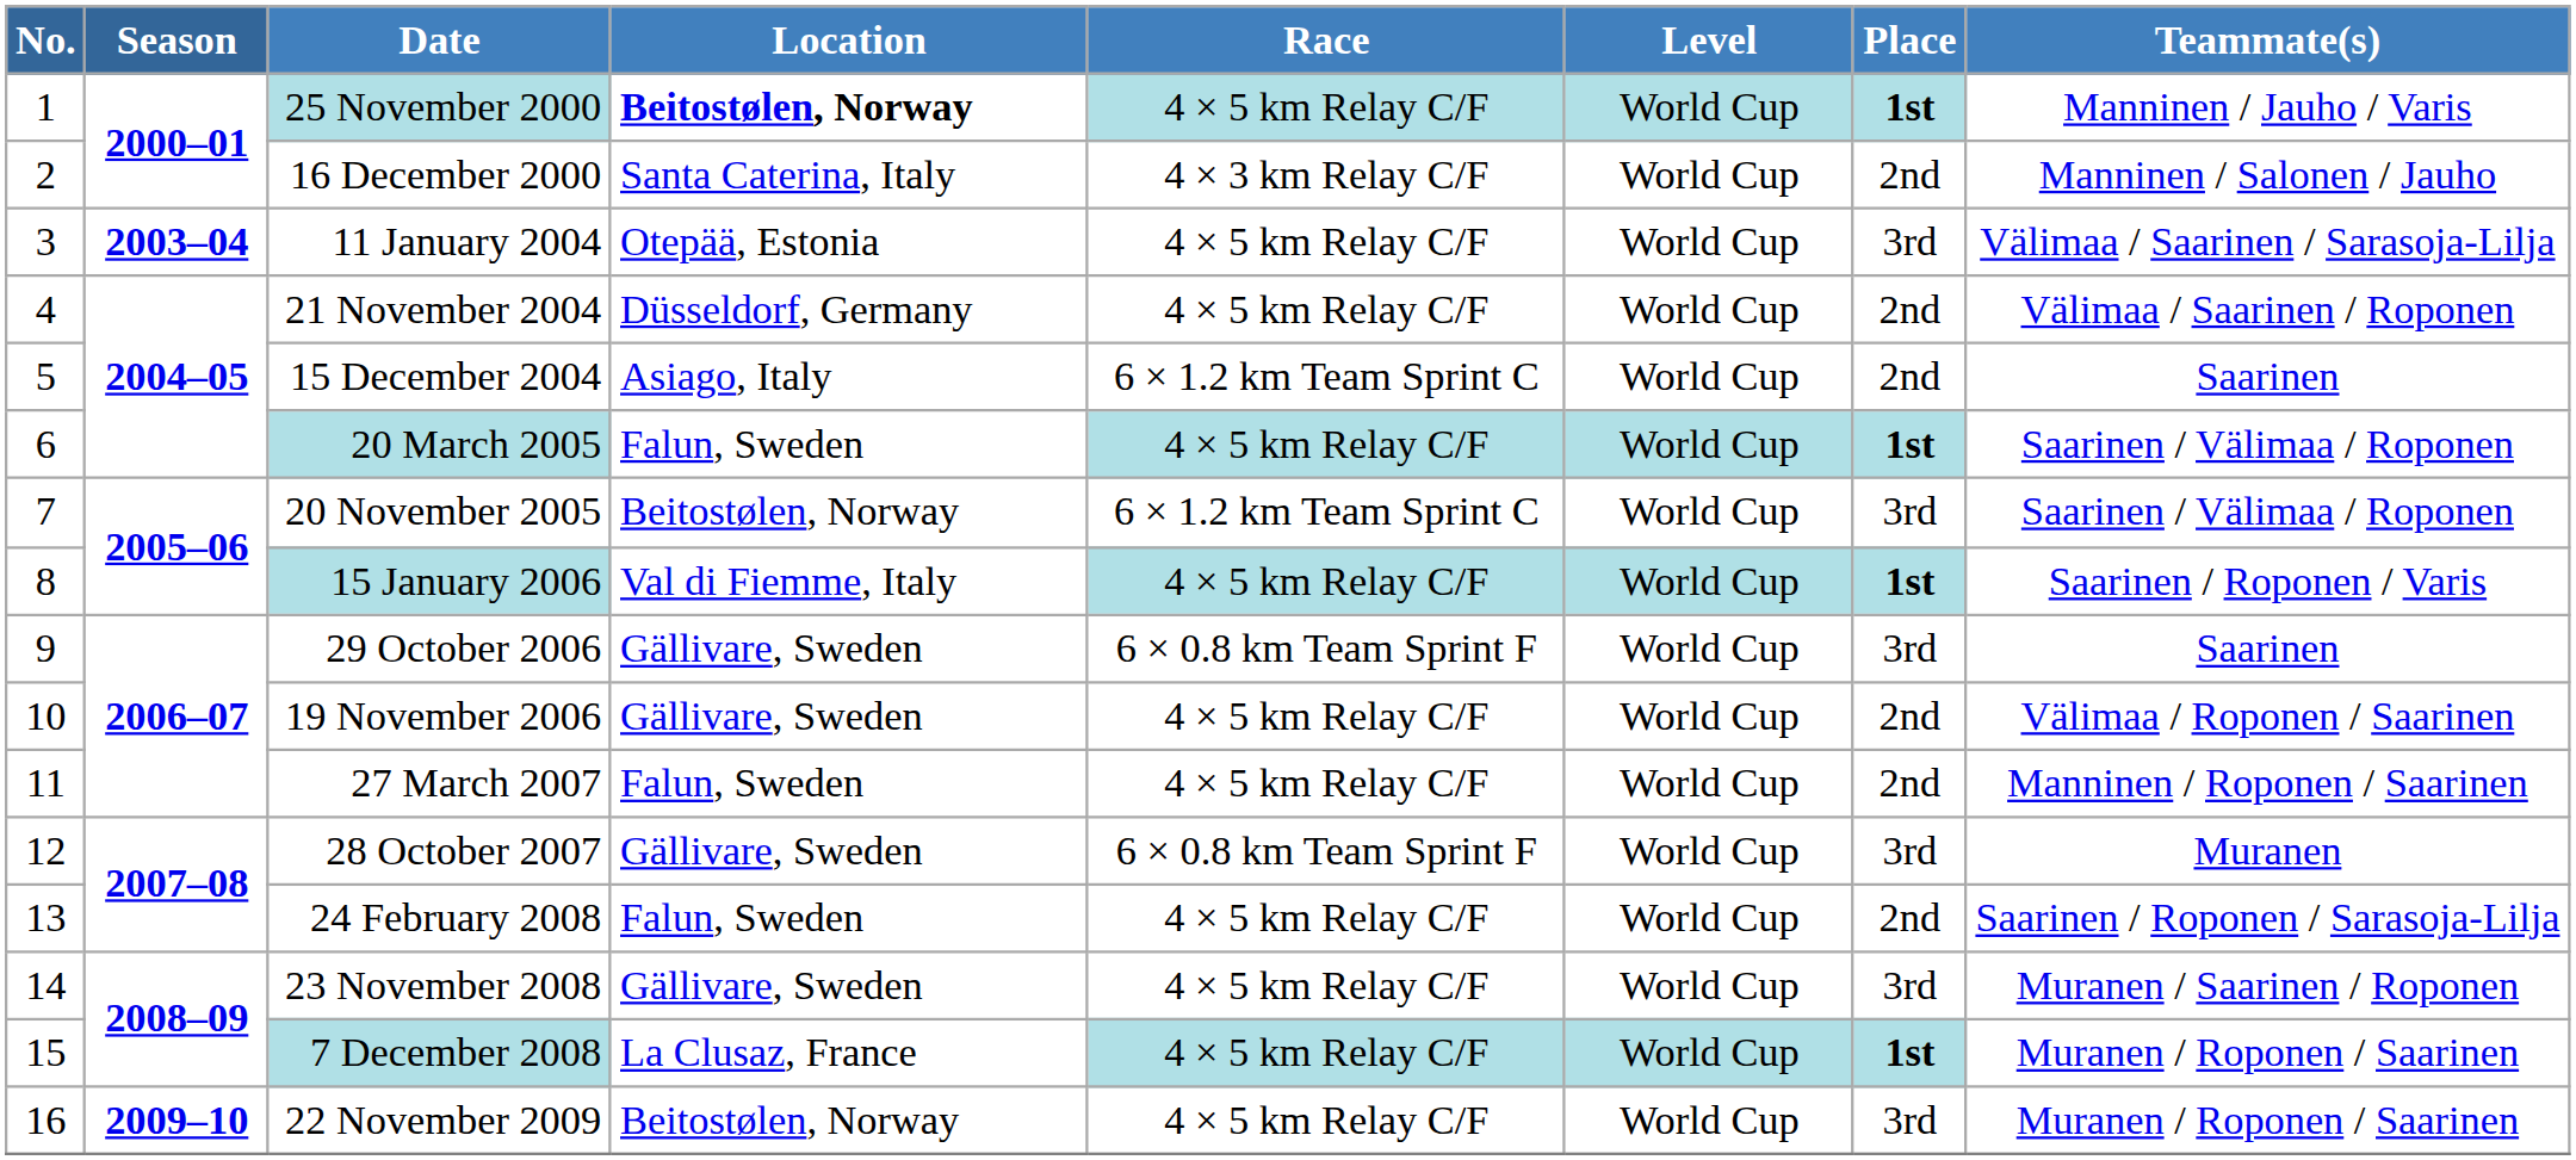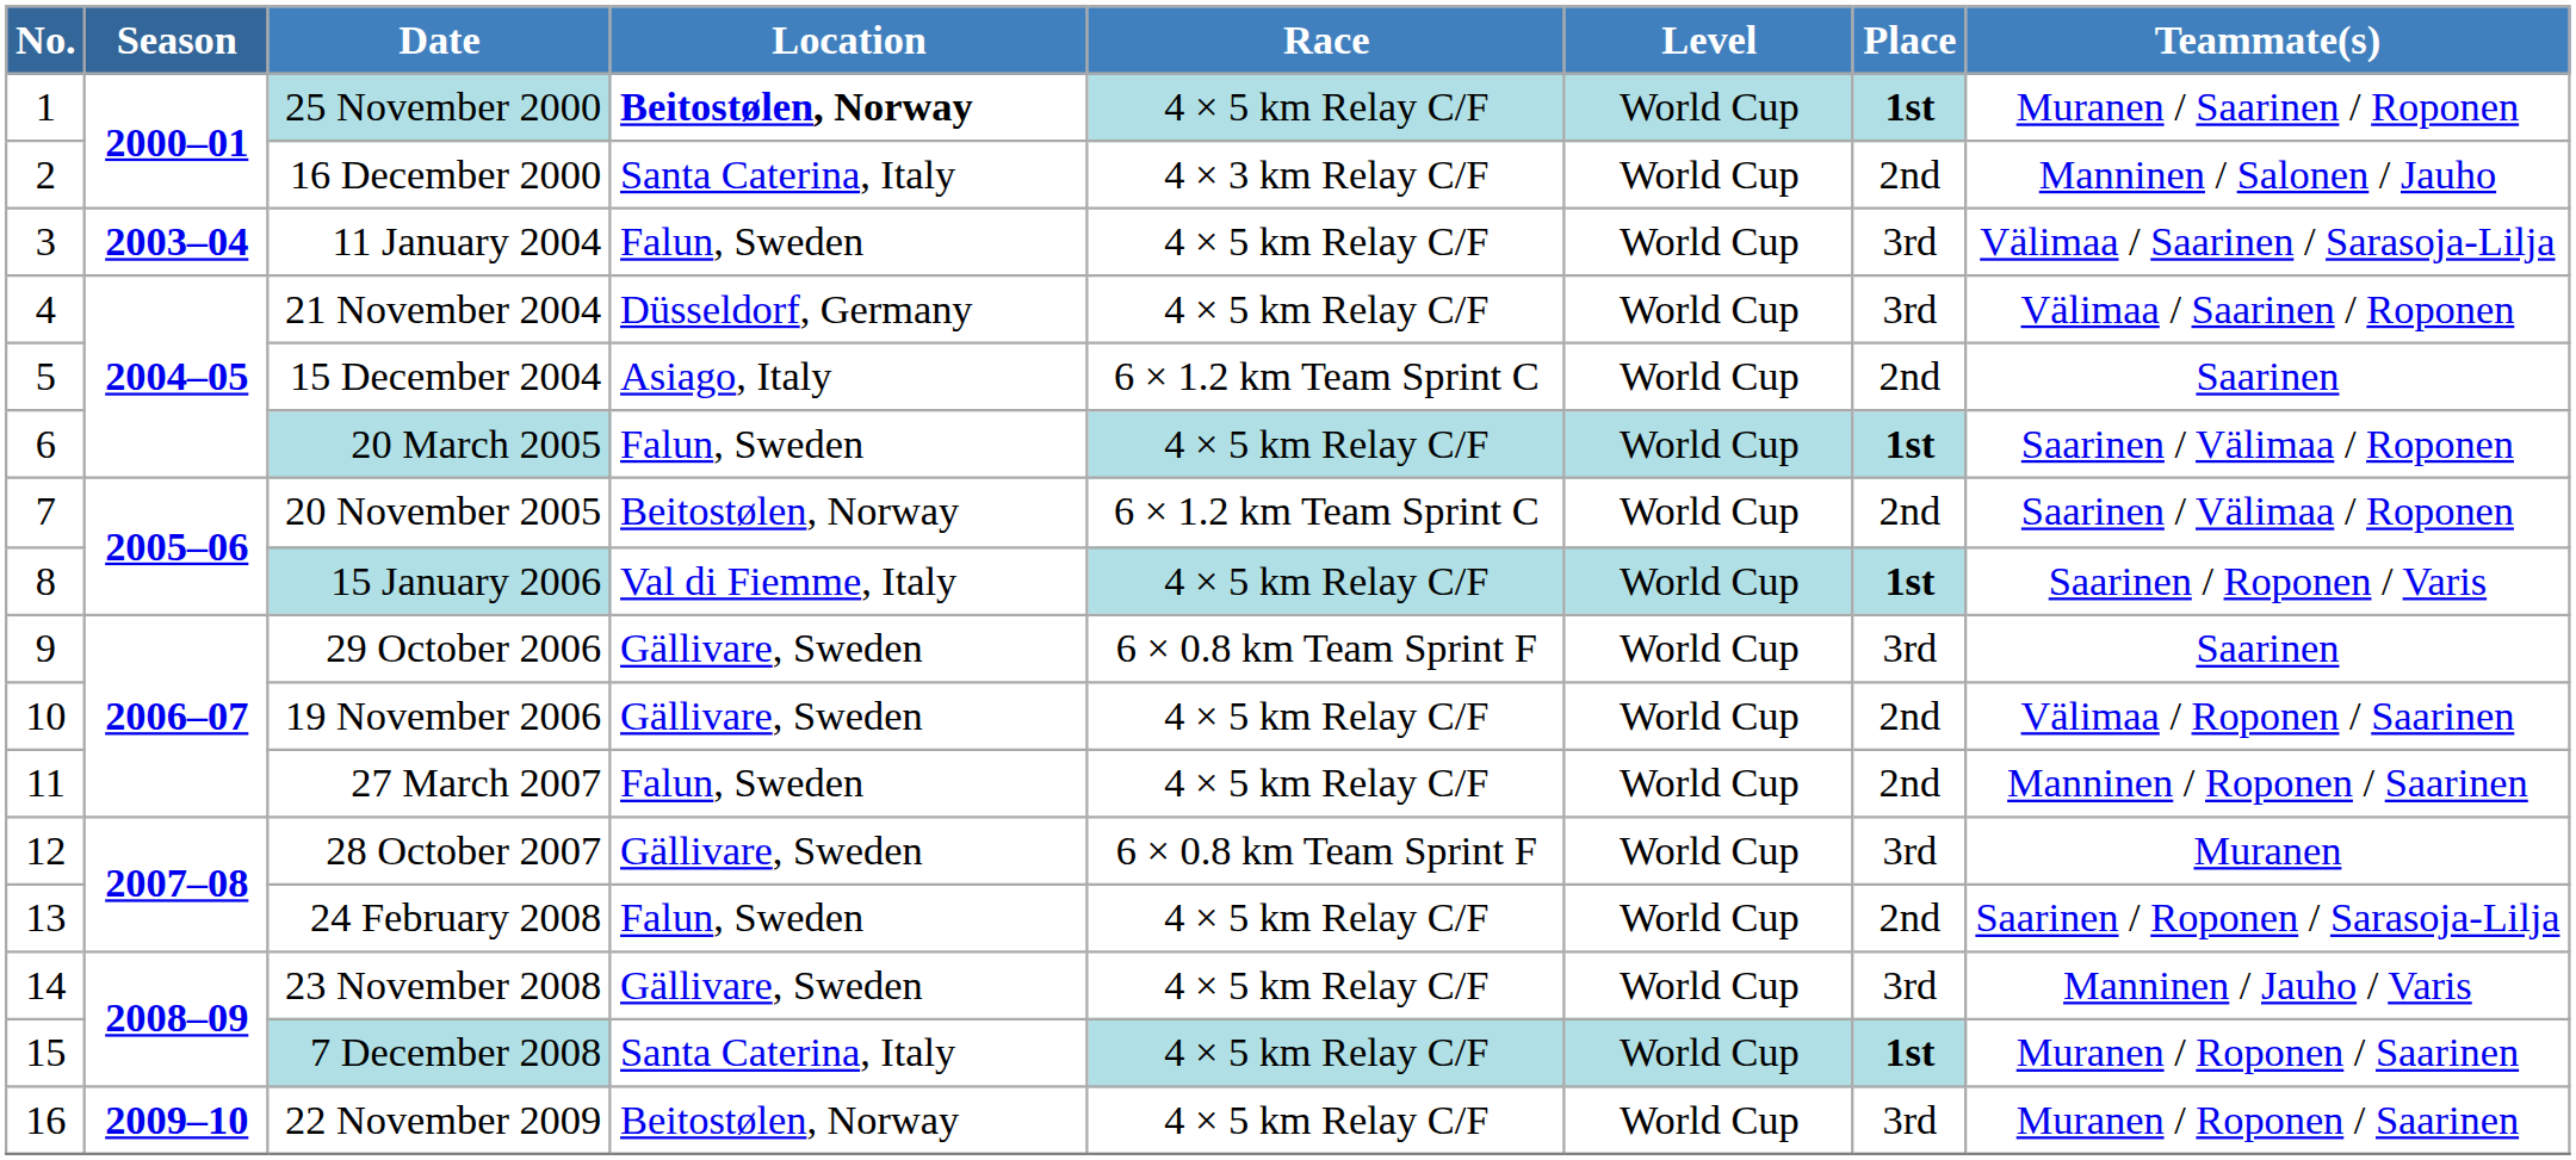 <table class="wikitable sortable" style="font-size:95%; text-align:center; border:grey solid 1px; border-collapse:collapse; background:#ffffff;">
 <tr style="background:#efefef;">
 <th style="background-color:#369; color:white;">No.</th>
 <th style="background-color:#369; color:white;">Season</th>
 <th style="background-color:#4180be; color:white; width:120px;">Date</th>
 <th style="background-color:#4180be; color:white; width:170px;">Location</th>
 <th style="background-color:#4180be; color:white; width:170px;">Race</th>
 <th style="background-color:#4180be; color:white; width:100px;">Level</th>
 <th style="background-color:#4180be; color:white;">Place</th>
 <th style="background-color:#4180be; color:white;">Teammate(s)</th>
 </tr>
 <tr>
 <td align=center>1</td>
 <td rowspan=2 align=center><strong><a href='#'>2000–01</a></strong></td>
 <td bgcolor="#BOEOE6" align=right>25 November 2000</td>
 <td align=left><strong> <a href='#'>Beitostølen</a>, Norway</strong></td>
 <td bgcolor="#BOEOE6">4 × 5 km Relay C/F</td>
 <td bgcolor="#BOEOE6">World Cup</td>
 <td bgcolor="#BOEOE6"><strong>1st</strong></td>
-<td><a href='#'>Manninen</a> / <a href='#'>Jauho</a> / <a href='#'>Varis</a></td>
+<td><a href='#'>Muranen</a> / <a href='#'>Saarinen</a> / <a href='#'>Roponen</a></td>
 </tr>
 <tr>
 <td align=center>2</td>
 <td align=right>16 December 2000</td>
 <td align=left>  <a href='#'>Santa Caterina</a>, Italy</td>
 <td>4 × 3 km Relay C/F</td>
 <td>World Cup</td>
 <td>2nd</td>
 <td><a href='#'>Manninen</a> / <a href='#'>Salonen</a> / <a href='#'>Jauho</a></td>
 </tr>
 <tr>
 <td align=center>3</td>
 <td rowspan=1 align=center><strong> <a href='#'>2003–04</a> </strong></td>
 <td align=right>11 January 2004</td>
-<td align=left> <a href='#'>Otepää</a>, Estonia</td>
+<td align=left> <a href='#'>Falun</a>, Sweden</td>
 <td>4 × 5 km Relay C/F</td>
 <td>World Cup</td>
 <td>3rd</td>
 <td><a href='#'>Välimaa</a> / <a href='#'>Saarinen</a> / <a href='#'>Sarasoja-Lilja</a></td>
 </tr>
 <tr>
 <td align=center>4</td>
 <td rowspan=3 align=center><strong> <a href='#'>2004–05</a> </strong></td>
 <td align=right>21 November 2004</td>
 <td align=left> <a href='#'>Düsseldorf</a>, Germany</td>
 <td>4 × 5 km Relay C/F</td>
 <td>World Cup</td>
-<td>2nd</td>
+<td>3rd</td>
 <td><a href='#'>Välimaa</a> / <a href='#'>Saarinen</a> / <a href='#'>Roponen</a></td>
 </tr>
 <tr>
 <td align=center>5</td>
 <td align=right>15 December 2004</td>
 <td align=left>  <a href='#'>Asiago</a>, Italy</td>
 <td>6 × 1.2 km Team Sprint C</td>
 <td>World Cup</td>
 <td>2nd</td>
 <td><a href='#'>Saarinen</a></td>
 </tr>
 <tr>
 <td align=center>6</td>
 <td bgcolor="#BOEOE6" align=right>20 March 2005</td>
 <td align=left> <a href='#'>Falun</a>, Sweden</td>
 <td bgcolor="#BOEOE6">4 × 5 km Relay C/F</td>
 <td bgcolor="#BOEOE6">World Cup</td>
 <td bgcolor="#BOEOE6"><strong>1st</strong></td>
 <td><a href='#'>Saarinen</a> / <a href='#'>Välimaa</a> / <a href='#'>Roponen</a></td>
 </tr>
 <tr>
 <td align=center>7</td>
 <td rowspan=2 align=center><strong> <a href='#'>2005–06</a> </strong></td>
 <td align=right>20 November 2005</td>
 <td align=left> <a href='#'>Beitostølen</a>, Norway</td>
 <td>6 × 1.2 km Team Sprint C</td>
 <td>World Cup</td>
-<td>3rd</td>
+<td>2nd</td>
 <td><a href='#'>Saarinen</a> / <a href='#'>Välimaa</a> / <a href='#'>Roponen</a></td>
 </tr>
 <tr>
 <td align=center>8</td>
 <td bgcolor="#BOEOE6" align=right>15 January 2006</td>
 <td align=left> <a href='#'>Val di Fiemme</a>, Italy</td>
 <td bgcolor="#BOEOE6">4 × 5 km Relay C/F</td>
 <td bgcolor="#BOEOE6">World Cup</td>
 <td bgcolor="#BOEOE6"><strong>1st</strong></td>
 <td><a href='#'>Saarinen</a> / <a href='#'>Roponen</a> / <a href='#'>Varis</a></td>
 </tr>
 <tr>
 <td align=center>9</td>
 <td rowspan=3 align=center><strong> <a href='#'>2006–07</a> </strong></td>
 <td align=right>29 October 2006</td>
 <td align=left> <a href='#'>Gällivare</a>, Sweden</td>
 <td>6 × 0.8 km Team Sprint F</td>
 <td>World Cup</td>
 <td>3rd</td>
 <td><a href='#'>Saarinen</a></td>
 </tr>
 <tr>
 <td align=center>10</td>
 <td align=right>19 November 2006</td>
 <td align=left>  <a href='#'>Gällivare</a>, Sweden</td>
 <td>4 × 5 km Relay C/F</td>
 <td>World Cup</td>
 <td>2nd</td>
 <td><a href='#'>Välimaa</a> / <a href='#'>Roponen</a> / <a href='#'>Saarinen</a></td>
 </tr>
 <tr>
 <td align=center>11</td>
 <td align=right>27 March 2007</td>
 <td align=left>  <a href='#'>Falun</a>, Sweden</td>
 <td>4 × 5 km Relay C/F</td>
 <td>World Cup</td>
 <td>2nd</td>
 <td><a href='#'>Manninen</a> / <a href='#'>Roponen</a> /  <a href='#'>Saarinen</a></td>
 </tr>
 <tr>
 <td align=center>12</td>
 <td rowspan=2 align=center><strong> <a href='#'>2007–08</a> </strong></td>
 <td align=right>28 October 2007</td>
 <td align=left> <a href='#'>Gällivare</a>, Sweden</td>
 <td>6 × 0.8 km Team Sprint F</td>
 <td>World Cup</td>
 <td>3rd</td>
 <td><a href='#'>Muranen</a></td>
 </tr>
 <tr>
 <td align=center>13</td>
 <td align=right>24 February 2008</td>
 <td align=left>  <a href='#'>Falun</a>, Sweden</td>
 <td>4 × 5 km Relay C/F</td>
 <td>World Cup</td>
 <td>2nd</td>
 <td><a href='#'>Saarinen</a> / <a href='#'>Roponen</a> / <a href='#'>Sarasoja-Lilja</a></td>
 </tr>
 <tr>
 <td align=center>14</td>
 <td rowspan=2 align=center><strong> <a href='#'>2008–09</a> </strong></td>
 <td align=right>23 November 2008</td>
 <td align=left> <a href='#'>Gällivare</a>, Sweden</td>
 <td>4 × 5 km Relay C/F</td>
 <td>World Cup</td>
 <td>3rd</td>
-<td><a href='#'>Muranen</a> / <a href='#'>Saarinen</a> / <a href='#'>Roponen</a></td>
+<td><a href='#'>Manninen</a> / <a href='#'>Jauho</a> / <a href='#'>Varis</a></td>
 </tr>
 <tr>
 <td align=center>15</td>
 <td bgcolor="#BOEOE6" align=right>7 December 2008</td>
-<td align=left> <a href='#'>La Clusaz</a>, France</td>
+<td align=left>  <a href='#'>Santa Caterina</a>, Italy</td>
 <td bgcolor="#BOEOE6">4 × 5 km Relay C/F</td>
 <td bgcolor="#BOEOE6">World Cup</td>
 <td bgcolor="#BOEOE6"><strong>1st</strong></td>
 <td><a href='#'>Muranen</a> / <a href='#'>Roponen</a> / <a href='#'>Saarinen</a></td>
 </tr>
 <tr>
 <td align=center>16</td>
 <td rowspan=1 align=center><strong> <a href='#'>2009–10</a> </strong></td>
 <td align=right>22 November 2009</td>
 <td align=left> <a href='#'>Beitostølen</a>, Norway</td>
 <td>4 × 5 km Relay C/F</td>
 <td>World Cup</td>
 <td>3rd</td>
 <td><a href='#'>Muranen</a> / <a href='#'>Roponen</a> / <a href='#'>Saarinen</a></td>
 </tr>
 <tr>
 </tr>
 </table>
